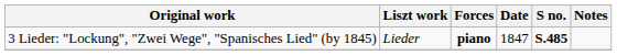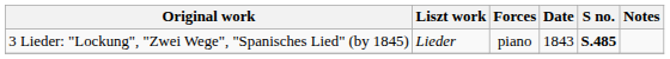 <table class="wikitable">
 <tr>
 <th>Original work</th>
 <th>Liszt work</th>
 <th>Forces</th>
 <th>Date</th>
 <th>S no.</th>
 <th>Notes</th>
 </tr>
 <tr>
 <td>3 Lieder: "Lockung", "Zwei Wege", "Spanisches Lied" (by 1845)</td>
 <td><em>Lieder</em></td>
-<td style="text-align: center"><strong>piano</strong></td>
-<td>1847</td>
+<td style="text-align: center">piano</td>
+<td>1843</td>
 <td><strong>S.485</strong></td>
 <td></td>
 </tr>
 <tr>
 </tr>
 </table>
